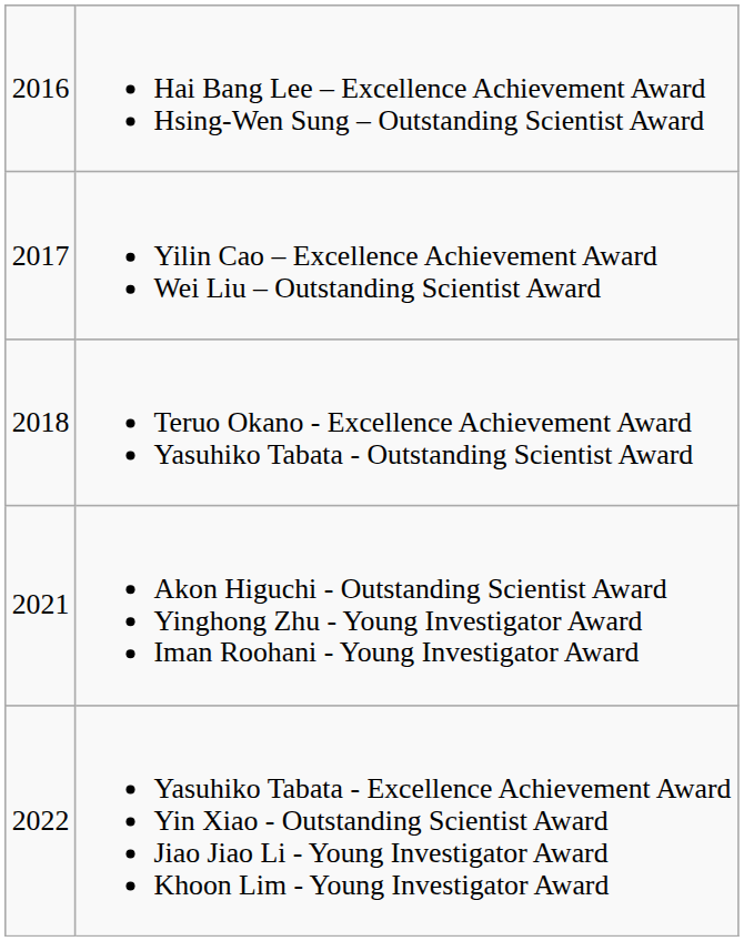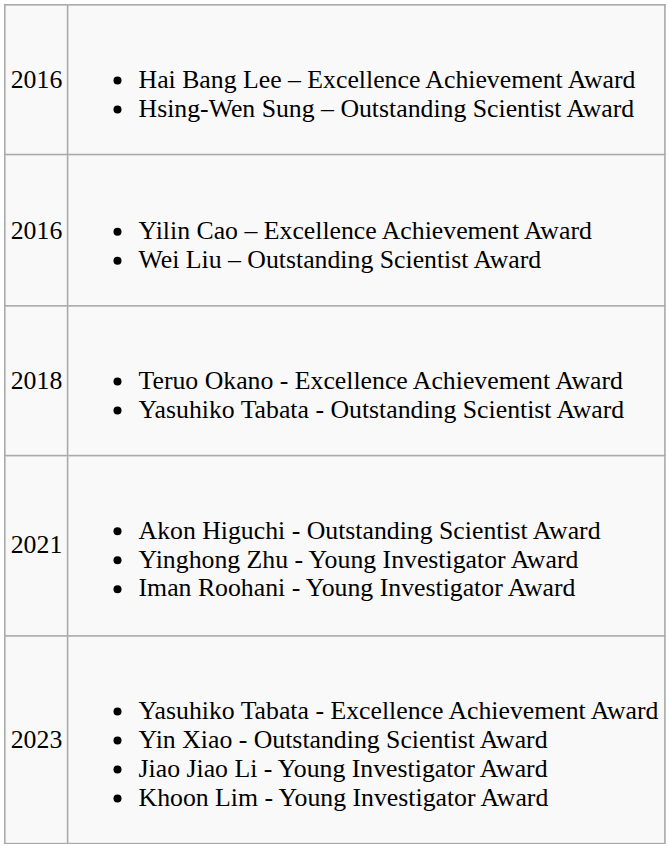 <table class="wikitable">
 <tr>
 <td>2016</td>
 <td><br><ul><li>Hai Bang Lee – Excellence Achievement Award</li><li>Hsing-Wen Sung – Outstanding Scientist Award</li></ul></td>
 </tr>
 <tr>
-<td>2017</td>
+<td>2016</td>
 <td><br><ul><li>Yilin Cao – Excellence Achievement Award</li><li>Wei Liu – Outstanding Scientist Award</li></ul></td>
 </tr>
 <tr>
 <td>2018</td>
 <td><br><ul><li>Teruo Okano - Excellence Achievement Award</li><li>Yasuhiko Tabata - Outstanding Scientist Award</li></ul></td>
 </tr>
 <tr>
 <td>2021</td>
 <td><br><ul><li>Akon Higuchi - Outstanding Scientist Award</li><li>Yinghong Zhu - Young Investigator Award</li><li>Iman Roohani - Young Investigator Award</li></ul></td>
 </tr>
 <tr>
-<td>2022</td>
+<td>2023</td>
 <td><br><ul><li>Yasuhiko Tabata - Excellence Achievement Award</li><li>Yin Xiao - Outstanding Scientist Award</li><li>Jiao Jiao Li - Young Investigator Award</li><li>Khoon Lim - Young Investigator Award</li></ul></td>
 </tr>
 </table>
